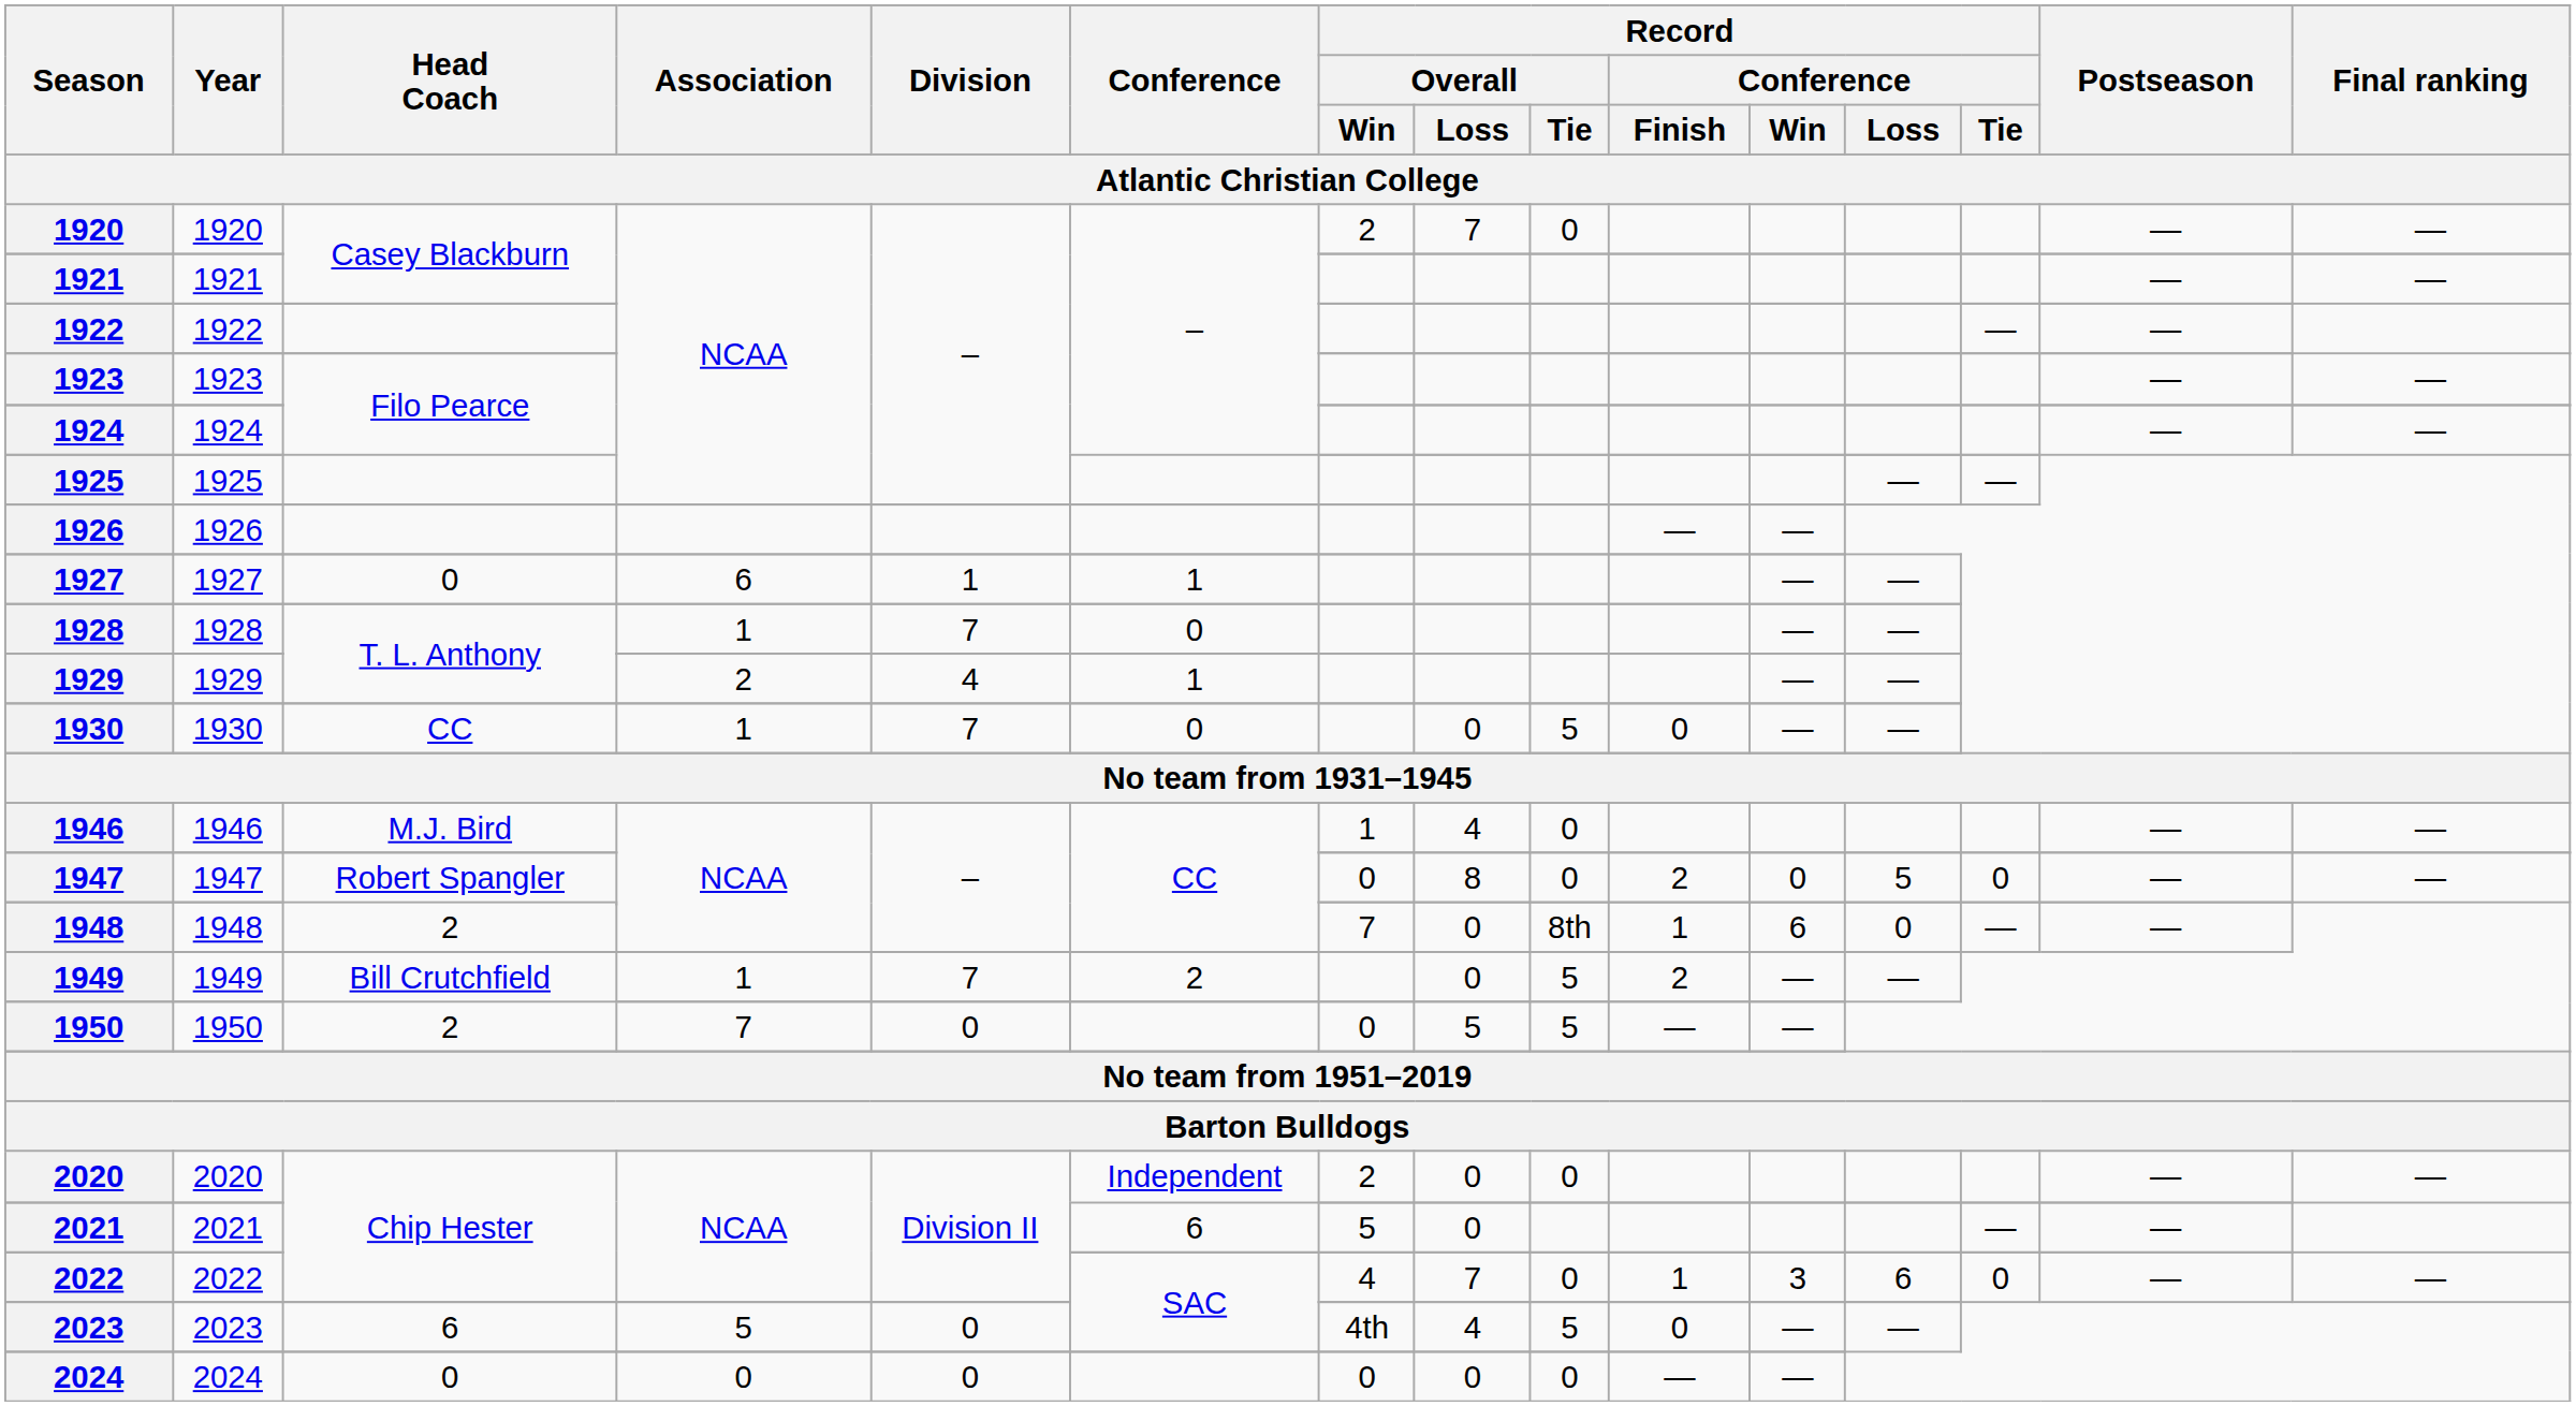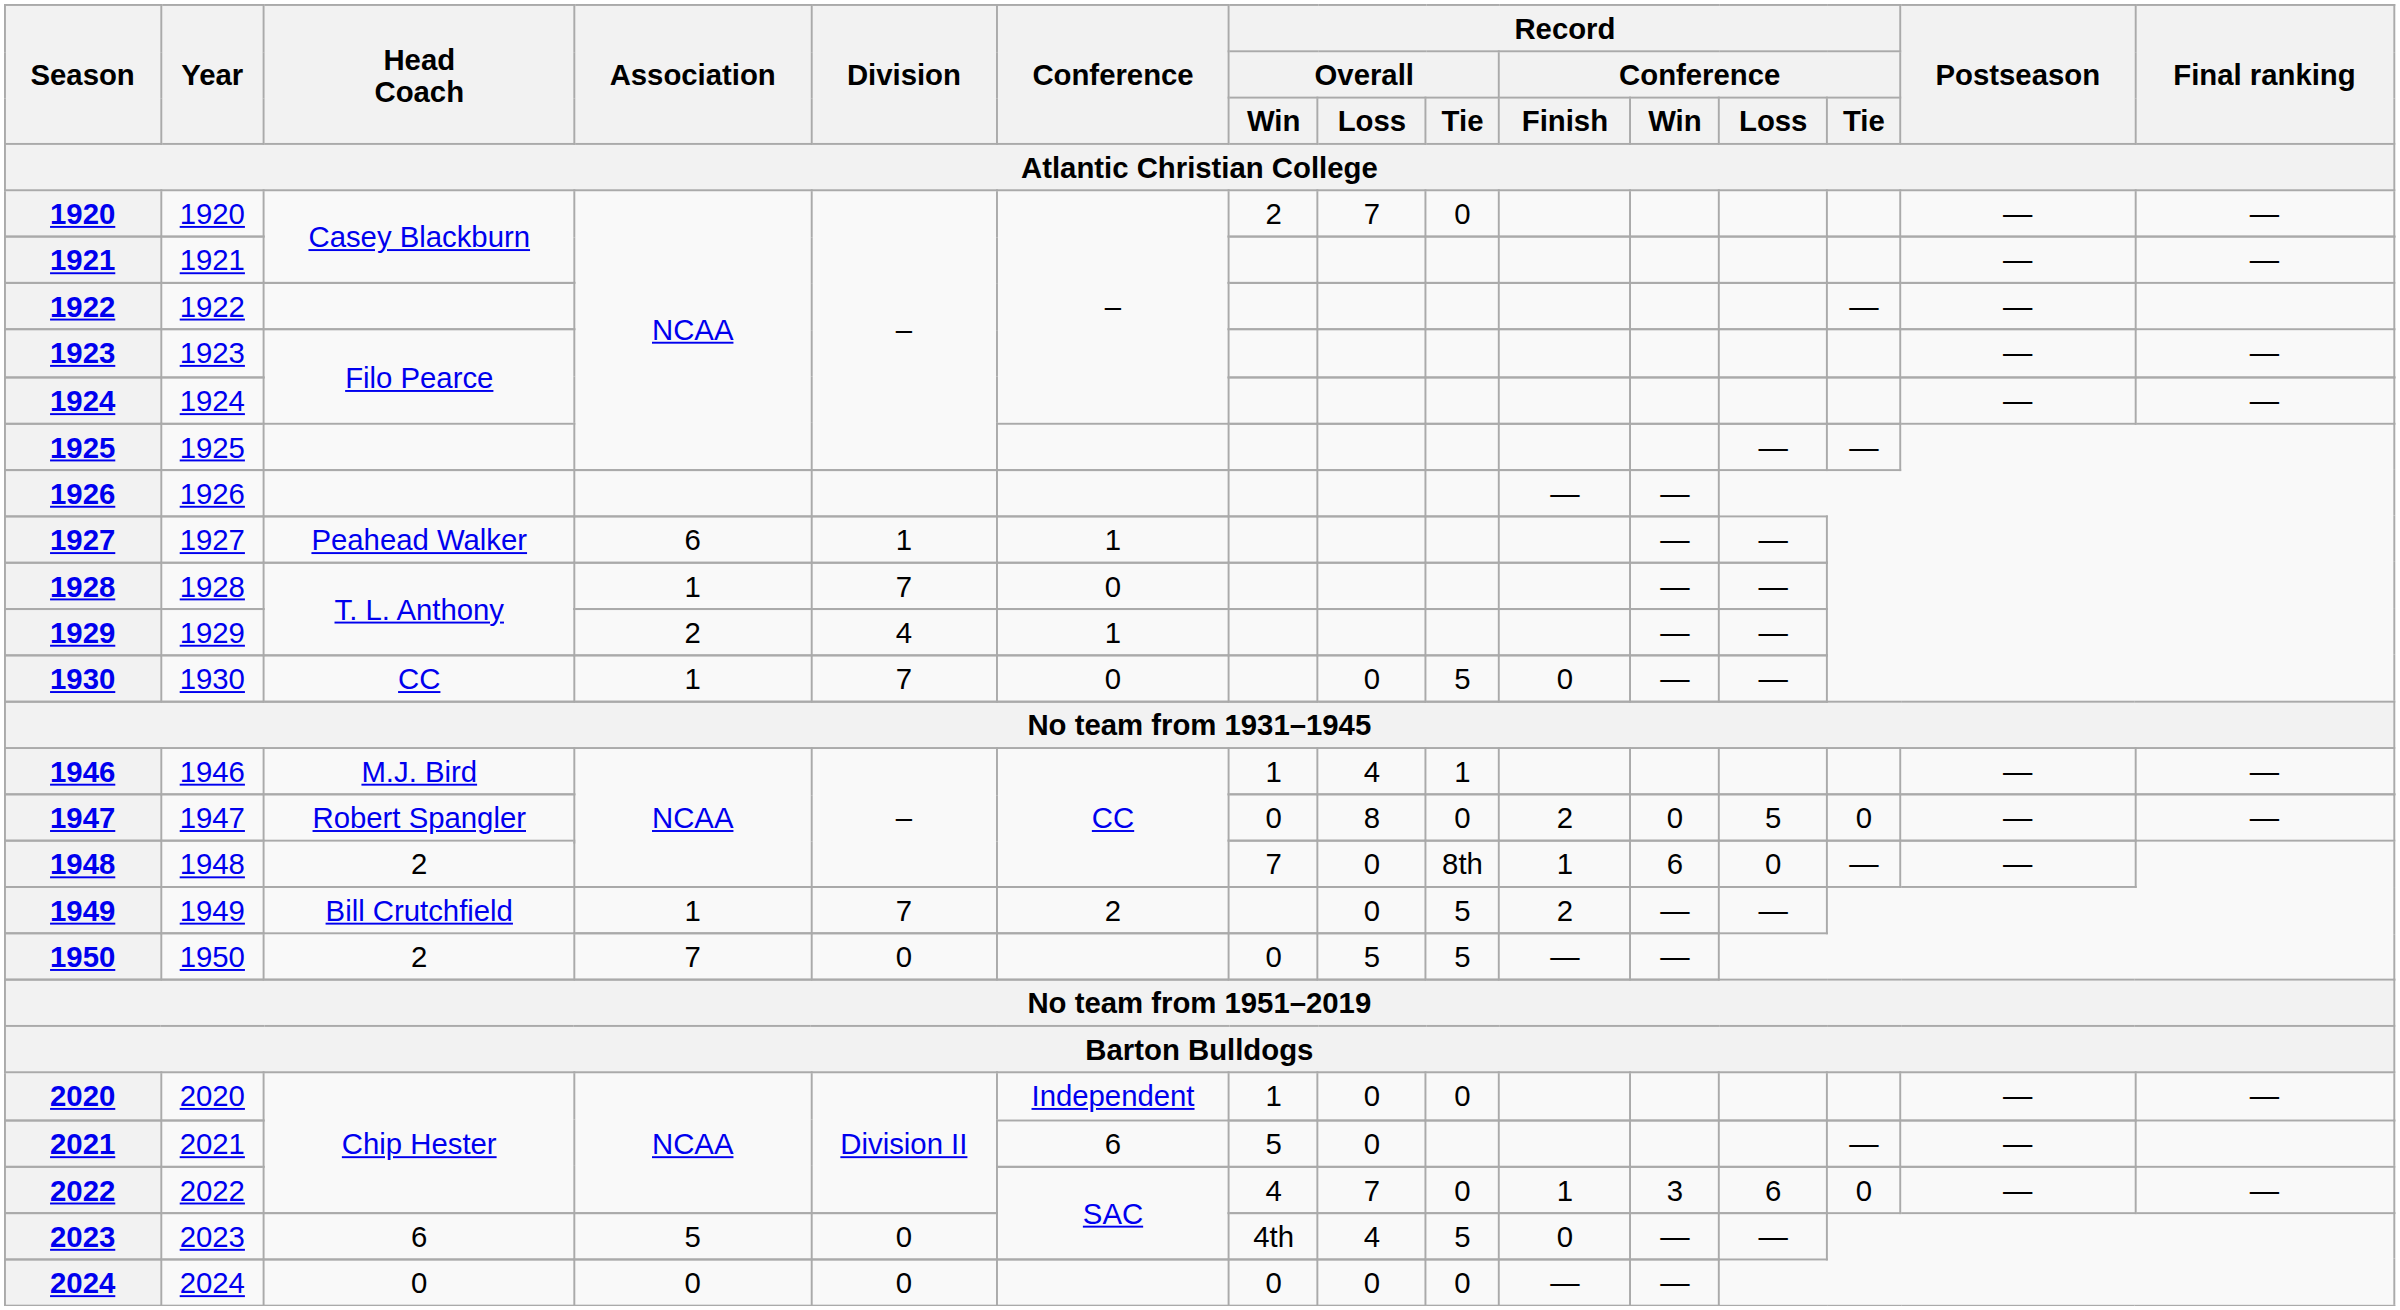 <table class="wikitable" style="font-size: 95%; width:98%;text-align:center;">
 <tr>
 <th rowspan="3">Season</th>
 <th rowspan="3">Year</th>
 <th rowspan="3">Head<br>Coach</th>
 <th rowspan="3">Association</th>
 <th rowspan="3">Division</th>
 <th rowspan="3">Conference</th>
 <th colspan="7">Record</th>
 <th rowspan="3">Postseason</th>
 <th rowspan="3">Final ranking</th>
 </tr>
 <tr>
 <th colspan="3">Overall</th>
 <th colspan="4">Conference</th>
 </tr>
 <tr>
 <th>Win</th>
 <th>Loss</th>
 <th>Tie</th>
 <th>Finish</th>
 <th>Win</th>
 <th>Loss</th>
 <th>Tie</th>
 </tr>
 <tr>
 <th colspan=15 style=>Atlantic Christian College</th>
 </tr>
 <tr>
 <th><a href='#'>1920</a></th>
 <td><a href='#'>1920</a></td>
 <td rowspan=3><a href='#'>Casey Blackburn</a></td>
 <td rowspan=11><a href='#'>NCAA</a></td>
 <td rowspan=11>–</td>
 <td rowspan=10>–</td>
 <td>2</td>
 <td>7</td>
 <td>0</td>
 <td></td>
 <td></td>
 <td></td>
 <td></td>
 <td>—</td>
 <td>—</td>
 </tr>
 <tr>
 </tr>
 <tr>
 <th><a href='#'>1921</a></th>
 <td><a href='#'>1921</a></td>
 <td></td>
 <td></td>
 <td></td>
 <td></td>
 <td></td>
 <td></td>
 <td></td>
 <td>—</td>
 <td>—</td>
 </tr>
 <tr>
 </tr>
 <tr>
 <th><a href='#'>1922</a></th>
 <td><a href='#'>1922</a></td>
 <td></td>
 <td></td>
 <td></td>
 <td></td>
 <td></td>
 <td></td>
 <td></td>
 <td>—</td>
 <td>—</td>
 </tr>
 <tr>
 </tr>
 <tr>
 <th><a href='#'>1923</a></th>
 <td><a href='#'>1923</a></td>
 <td rowspan=4><a href='#'>Filo Pearce</a></td>
 <td></td>
 <td></td>
 <td></td>
 <td></td>
 <td></td>
 <td></td>
 <td></td>
 <td>—</td>
 <td>—</td>
 </tr>
 <tr>
 </tr>
 <tr>
 <th><a href='#'>1924</a></th>
 <td><a href='#'>1924</a></td>
 <td></td>
 <td></td>
 <td></td>
 <td></td>
 <td></td>
 <td></td>
 <td></td>
 <td>—</td>
 <td>—</td>
 </tr>
 <tr>
 </tr>
 <tr>
 <th><a href='#'>1925</a></th>
 <td><a href='#'>1925</a></td>
 <td></td>
 <td></td>
 <td></td>
 <td></td>
 <td></td>
 <td></td>
 <td></td>
 <td>—</td>
 <td>—</td>
 </tr>
 <tr>
 </tr>
 <tr>
 <th><a href='#'>1926</a></th>
 <td><a href='#'>1926</a></td>
 <td></td>
 <td></td>
 <td></td>
 <td></td>
 <td></td>
 <td></td>
 <td></td>
 <td>—</td>
 <td>—</td>
 </tr>
 <tr>
 </tr>
 <tr>
 <th><a href='#'>1927</a></th>
 <td><a href='#'>1927</a></td>
-<td>0</td>
+<td rowspan=1><a href='#'>Peahead Walker</a></td>
 <td>6</td>
 <td>1</td>
 <td>1</td>
 <td></td>
 <td></td>
 <td></td>
 <td></td>
 <td>—</td>
 <td>—</td>
 </tr>
 <tr>
 </tr>
 <tr>
 <th><a href='#'>1928</a></th>
 <td><a href='#'>1928</a></td>
 <td rowspan=3><a href='#'>T. L. Anthony</a></td>
 <td>1</td>
 <td>7</td>
 <td>0</td>
 <td></td>
 <td></td>
 <td></td>
 <td></td>
 <td>—</td>
 <td>—</td>
 </tr>
 <tr>
 </tr>
 <tr>
 <th><a href='#'>1929</a></th>
 <td><a href='#'>1929</a></td>
 <td>2</td>
 <td>4</td>
 <td>1</td>
 <td></td>
 <td></td>
 <td></td>
 <td></td>
 <td>—</td>
 <td>—</td>
 </tr>
 <tr>
 </tr>
 <tr>
 <th><a href='#'>1930</a></th>
 <td><a href='#'>1930</a></td>
 <td rowspan=1><a href='#'>CC</a></td>
 <td>1</td>
 <td>7</td>
 <td>0</td>
 <td></td>
 <td>0</td>
 <td>5</td>
 <td>0</td>
 <td>—</td>
 <td>—</td>
 </tr>
 <tr>
 </tr>
 <tr>
 <th colspan=15 style=>No team from 1931–1945</th>
 </tr>
 <tr>
 <th><a href='#'>1946</a></th>
 <td><a href='#'>1946</a></td>
 <td rowspan=1><a href='#'>M.J. Bird</a></td>
 <td rowspan=5><a href='#'>NCAA</a></td>
 <td rowspan=5>–</td>
 <td rowspan=5><a href='#'>CC</a></td>
 <td>1</td>
 <td>4</td>
-<td>0</td>
+<td>1</td>
 <td></td>
 <td></td>
 <td></td>
 <td></td>
 <td>—</td>
 <td>—</td>
 </tr>
 <tr>
 </tr>
 <tr>
 <th><a href='#'>1947</a></th>
 <td><a href='#'>1947</a></td>
 <td rowspan=2><a href='#'>Robert Spangler</a></td>
 <td>0</td>
 <td>8</td>
 <td>0</td>
 <td>2</td>
 <td>0</td>
 <td>5</td>
 <td>0</td>
 <td>—</td>
 <td>—</td>
 </tr>
 <tr>
 </tr>
 <tr>
 <th><a href='#'>1948</a></th>
 <td><a href='#'>1948</a></td>
 <td>2</td>
 <td>7</td>
 <td>0</td>
 <td>8th</td>
 <td>1</td>
 <td>6</td>
 <td>0</td>
 <td>—</td>
 <td>—</td>
 </tr>
 <tr>
 </tr>
 <tr>
 <th><a href='#'>1949</a></th>
 <td><a href='#'>1949</a></td>
 <td rowspan=2><a href='#'>Bill Crutchfield</a></td>
 <td>1</td>
 <td>7</td>
 <td>2</td>
 <td></td>
 <td>0</td>
 <td>5</td>
 <td>2</td>
 <td>—</td>
 <td>—</td>
 </tr>
 <tr>
 </tr>
 <tr>
 <th><a href='#'>1950</a></th>
 <td><a href='#'>1950</a></td>
 <td>2</td>
 <td>7</td>
 <td>0</td>
 <td></td>
 <td>0</td>
 <td>5</td>
 <td>5</td>
 <td>—</td>
 <td>—</td>
 </tr>
 <tr>
 </tr>
 <tr>
 <th colspan=15 style=>No team from 1951–2019</th>
 </tr>
 <tr>
 <th colspan=15 style=>Barton Bulldogs</th>
 </tr>
 <tr>
 <th><a href='#'>2020</a></th>
 <td><a href='#'>2020</a></td>
 <td rowspan=5><a href='#'>Chip Hester</a></td>
 <td rowspan=5><a href='#'>NCAA</a></td>
 <td rowspan=5><a href='#'>Division II</a></td>
 <td rowspan=2><a href='#'>Independent</a></td>
-<td>2</td>
+<td>1</td>
 <td>0</td>
 <td>0</td>
 <td></td>
 <td></td>
 <td></td>
 <td></td>
 <td>—</td>
 <td>—</td>
 </tr>
 <tr>
 </tr>
 <tr>
 <th><a href='#'>2021</a></th>
 <td><a href='#'>2021</a></td>
 <td>6</td>
 <td>5</td>
 <td>0</td>
 <td></td>
 <td></td>
 <td></td>
 <td></td>
 <td>—</td>
 <td>—</td>
 </tr>
 <tr>
 </tr>
 <tr>
 <th><a href='#'>2022</a></th>
 <td><a href='#'>2022</a></td>
 <td rowspan=3><a href='#'>SAC</a></td>
 <td>4</td>
 <td>7</td>
 <td>0</td>
 <td>1</td>
 <td>3</td>
 <td>6</td>
 <td>0</td>
 <td>—</td>
 <td>—</td>
 </tr>
 <tr>
 </tr>
 <tr>
 <th><a href='#'>2023</a></th>
 <td><a href='#'>2023</a></td>
 <td>6</td>
 <td>5</td>
 <td>0</td>
 <td>4th</td>
 <td>4</td>
 <td>5</td>
 <td>0</td>
 <td>—</td>
 <td>—</td>
 </tr>
 <tr>
 </tr>
 <tr>
 <th><a href='#'>2024</a></th>
 <td><a href='#'>2024</a></td>
 <td>0</td>
 <td>0</td>
 <td>0</td>
 <td></td>
 <td>0</td>
 <td>0</td>
 <td>0</td>
 <td>—</td>
 <td>—</td>
 </tr>
 <tr>
 </tr>
 <tr>
 </tr>
 </table>
